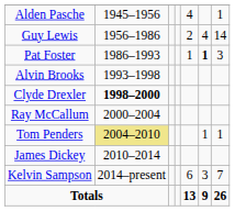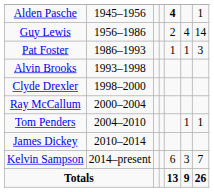 <table class="wikitable" style="text-align:center">
 <tr>
 </tr>
 <tr>
 <td><a href='#'>Alden Pasche</a></td>
 <td>1945–1956</td>
 <td></td>
 <td></td>
-<td>4</td>
+<td><strong>4</strong></td>
 <td></td>
 <td>1</td>
 </tr>
 <tr>
 <td><a href='#'>Guy Lewis</a></td>
 <td>1956–1986</td>
 <td></td>
 <td></td>
 <td>2</td>
 <td>4</td>
 <td>14</td>
 </tr>
 <tr>
 <td><a href='#'>Pat Foster</a></td>
 <td>1986–1993</td>
 <td></td>
 <td></td>
 <td>1</td>
-<td><strong>1</strong></td>
+<td>1</td>
 <td>3</td>
 </tr>
 <tr>
 <td><a href='#'>Alvin Brooks</a></td>
 <td>1993–1998</td>
 <td></td>
 <td></td>
 <td></td>
 <td></td>
 <td></td>
 </tr>
 <tr>
 <td><a href='#'>Clyde Drexler</a></td>
-<td><strong>1998–2000</strong></td>
+<td>1998–2000</td>
 <td></td>
 <td></td>
 <td></td>
 <td></td>
 <td></td>
 </tr>
 <tr>
 <td><a href='#'>Ray McCallum</a></td>
 <td>2000–2004</td>
 <td></td>
 <td></td>
 <td></td>
 <td></td>
 <td></td>
 </tr>
 <tr>
 <td><a href='#'>Tom Penders</a></td>
-<td style="background: khaki;">2004–2010</td>
+<td>2004–2010</td>
 <td></td>
 <td></td>
 <td></td>
 <td>1</td>
 <td>1</td>
 </tr>
 <tr>
 <td><a href='#'>James Dickey</a></td>
 <td>2010–2014</td>
 <td></td>
 <td></td>
 <td></td>
 <td></td>
 <td></td>
 </tr>
 <tr>
 <td><a href='#'>Kelvin Sampson</a></td>
 <td>2014–present</td>
 <td></td>
 <td></td>
 <td>6</td>
 <td>3</td>
 <td>7</td>
 </tr>
 <tr style="text-align:center; ">
 <td colspan="2"><strong>Totals</strong></td>
 <td><strong></strong></td>
 <td></td>
 <td><strong>13</strong></td>
 <td><strong>9</strong></td>
 <td><strong>26</strong></td>
 </tr>
 </table>
